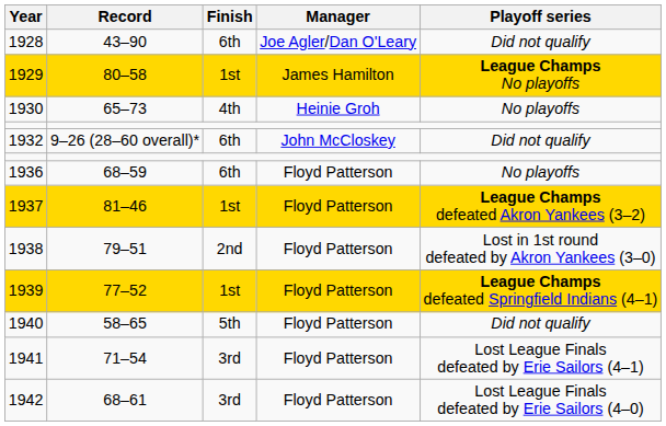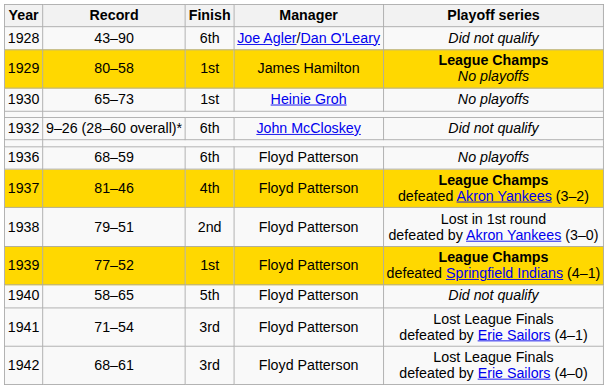 <table class="wikitable" style="text-align:center">
 <tr>
 <th>Year</th>
 <th>Record</th>
 <th>Finish</th>
 <th>Manager</th>
 <th>Playoff series</th>
 </tr>
 <tr>
 <td>1928</td>
 <td>43–90</td>
 <td>6th</td>
 <td><a href='#'>Joe Agler</a>/<a href='#'>Dan O'Leary</a></td>
 <td><em>Did not qualify</em></td>
 </tr>
 <tr bgcolor="#FFD800">
 <td>1929</td>
 <td>80–58</td>
 <td>1st</td>
 <td>James Hamilton</td>
 <td><strong>League Champs</strong><br><em>No playoffs</em></td>
 </tr>
 <tr>
 <td>1930</td>
 <td>65–73</td>
-<td>4th</td>
+<td>1st</td>
 <td><a href='#'>Heinie Groh</a></td>
 <td><em>No playoffs</em></td>
 </tr>
 <tr>
 <td></td>
 </tr>
 <tr>
 <td>1932</td>
 <td>9–26 (28–60 overall)*</td>
 <td>6th</td>
 <td><a href='#'>John McCloskey</a></td>
 <td><em>Did not qualify</em></td>
 </tr>
 <tr>
 <td></td>
 </tr>
 <tr>
 <td>1936</td>
 <td>68–59</td>
 <td>6th</td>
 <td>Floyd Patterson</td>
 <td><em>No playoffs</em></td>
 </tr>
 <tr bgcolor="#FFD800">
 <td>1937</td>
 <td>81–46</td>
-<td>1st</td>
+<td>4th</td>
 <td>Floyd Patterson</td>
 <td><strong>League Champs</strong> <br> defeated <a href='#'>Akron Yankees</a> (3–2)</td>
 </tr>
 <tr>
 <td>1938</td>
 <td>79–51</td>
 <td>2nd</td>
 <td>Floyd Patterson</td>
 <td>Lost in 1st round<br> defeated by <a href='#'>Akron Yankees</a> (3–0)</td>
 </tr>
 <tr bgcolor="#FFD800">
 <td>1939</td>
 <td>77–52</td>
 <td>1st</td>
 <td>Floyd Patterson</td>
 <td><strong>League Champs</strong> <br> defeated <a href='#'>Springfield Indians</a> (4–1)</td>
 </tr>
 <tr>
 <td>1940</td>
 <td>58–65</td>
 <td>5th</td>
 <td>Floyd Patterson</td>
 <td><em>Did not qualify</em></td>
 </tr>
 <tr>
 <td>1941</td>
 <td>71–54</td>
 <td>3rd</td>
 <td>Floyd Patterson</td>
 <td>Lost League Finals <br>defeated by <a href='#'>Erie Sailors</a> (4–1)</td>
 </tr>
 <tr>
 <td>1942</td>
 <td>68–61</td>
 <td>3rd</td>
 <td>Floyd Patterson</td>
 <td>Lost League Finals <br>defeated by <a href='#'>Erie Sailors</a> (4–0)</td>
 </tr>
 </table>
